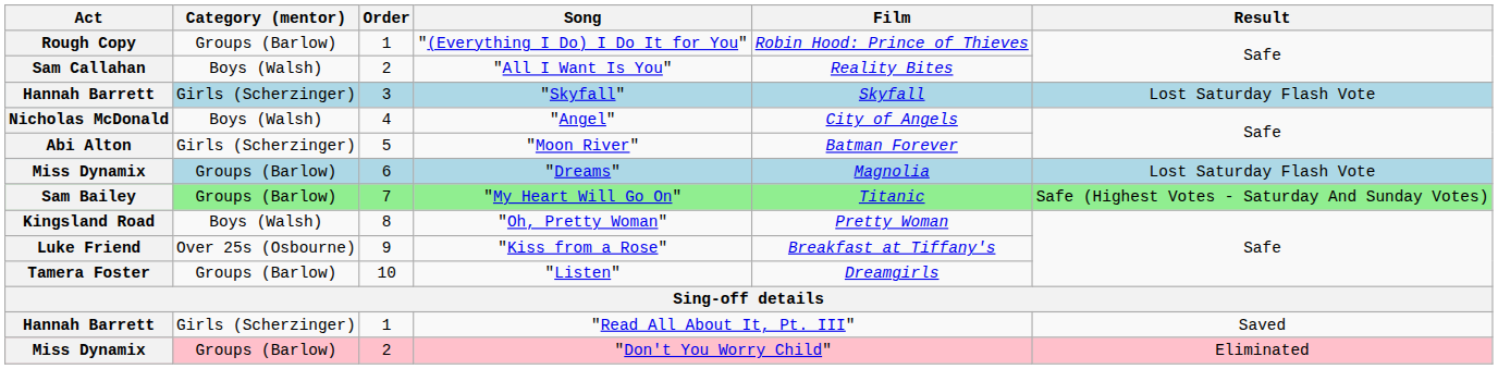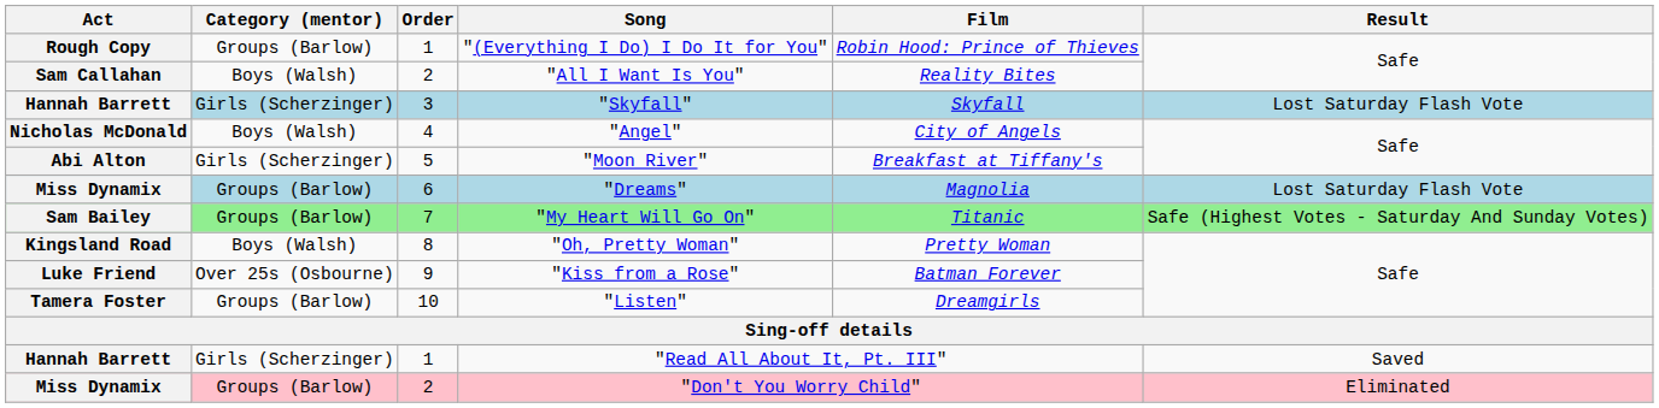 <table class="wikitable plainrowheaders" style="text-align:center;">
 <tr>
 <th scope="col">Act</th>
 <th scope="col">Category (mentor)</th>
 <th scope="col">Order</th>
 <th scope="col">Song</th>
 <th scope="col">Film</th>
 <th scope="col">Result</th>
 </tr>
 <tr>
 <th scope="row">Rough Copy</th>
 <td>Groups (Barlow)</td>
 <td>1</td>
 <td>"<a href='#'>(Everything I Do) I Do It for You</a>"</td>
 <td><em><a href='#'>Robin Hood: Prince of Thieves</a></em></td>
 <td rowspan=2>Safe</td>
 </tr>
 <tr>
 <th scope="row">Sam Callahan</th>
 <td>Boys (Walsh)</td>
 <td>2</td>
 <td>"<a href='#'>All I Want Is You</a>"</td>
 <td><em><a href='#'>Reality Bites</a></em></td>
 </tr>
 <tr style="background:lightblue;">
 <th scope="row">Hannah Barrett</th>
 <td>Girls (Scherzinger)</td>
 <td>3</td>
 <td>"<a href='#'>Skyfall</a>"</td>
 <td><em><a href='#'>Skyfall</a></em></td>
 <td>Lost Saturday Flash Vote</td>
 </tr>
 <tr>
 <th scope="row">Nicholas McDonald</th>
 <td>Boys (Walsh)</td>
 <td>4</td>
 <td>"<a href='#'>Angel</a>"</td>
 <td><em><a href='#'>City of Angels</a></em></td>
 <td rowspan=2>Safe</td>
 </tr>
 <tr>
 <th scope="row">Abi Alton</th>
 <td>Girls (Scherzinger)</td>
 <td>5</td>
 <td>"<a href='#'>Moon River</a>"</td>
-<td><em><a href='#'>Batman Forever</a></em></td>
+<td><em><a href='#'>Breakfast at Tiffany's</a></em></td>
 </tr>
 <tr style="background:lightblue;">
 <th scope="row">Miss Dynamix</th>
 <td>Groups (Barlow)</td>
 <td>6</td>
 <td>"<a href='#'>Dreams</a>"</td>
 <td><em><a href='#'>Magnolia</a></em></td>
 <td>Lost Saturday Flash Vote</td>
 </tr>
 <tr style="background:lightgreen;">
 <th scope="row">Sam Bailey</th>
 <td>Groups (Barlow)</td>
 <td>7</td>
 <td>"<a href='#'>My Heart Will Go On</a>"</td>
 <td><em><a href='#'>Titanic</a></em></td>
 <td>Safe (Highest Votes - Saturday And Sunday Votes)</td>
 </tr>
 <tr>
 <th scope="row">Kingsland Road</th>
 <td>Boys (Walsh)</td>
 <td>8</td>
 <td>"<a href='#'>Oh, Pretty Woman</a>"</td>
 <td><em><a href='#'>Pretty Woman</a></em></td>
 <td rowspan=3>Safe</td>
 </tr>
 <tr>
 <th scope="row">Luke Friend</th>
 <td>Over 25s (Osbourne)</td>
 <td>9</td>
 <td>"<a href='#'>Kiss from a Rose</a>"</td>
-<td><em><a href='#'>Breakfast at Tiffany's</a></em></td>
+<td><em><a href='#'>Batman Forever</a></em></td>
 </tr>
 <tr>
 <th scope="row">Tamera Foster</th>
 <td>Groups (Barlow)</td>
 <td>10</td>
 <td>"<a href='#'>Listen</a>"</td>
 <td><em><a href='#'>Dreamgirls</a></em></td>
 </tr>
 <tr>
 <th colspan="6">Sing-off details</th>
 </tr>
 <tr>
 <th scope="row">Hannah Barrett</th>
 <td>Girls (Scherzinger)</td>
 <td>1</td>
 <td colspan="2">"<a href='#'>Read All About It, Pt. III</a>"</td>
 <td>Saved</td>
 </tr>
 <tr style="background:pink;">
 <th scope="row">Miss Dynamix</th>
 <td>Groups (Barlow)</td>
 <td>2</td>
 <td colspan="2">"<a href='#'>Don't You Worry Child</a>"</td>
 <td>Eliminated</td>
 </tr>
 </table>
